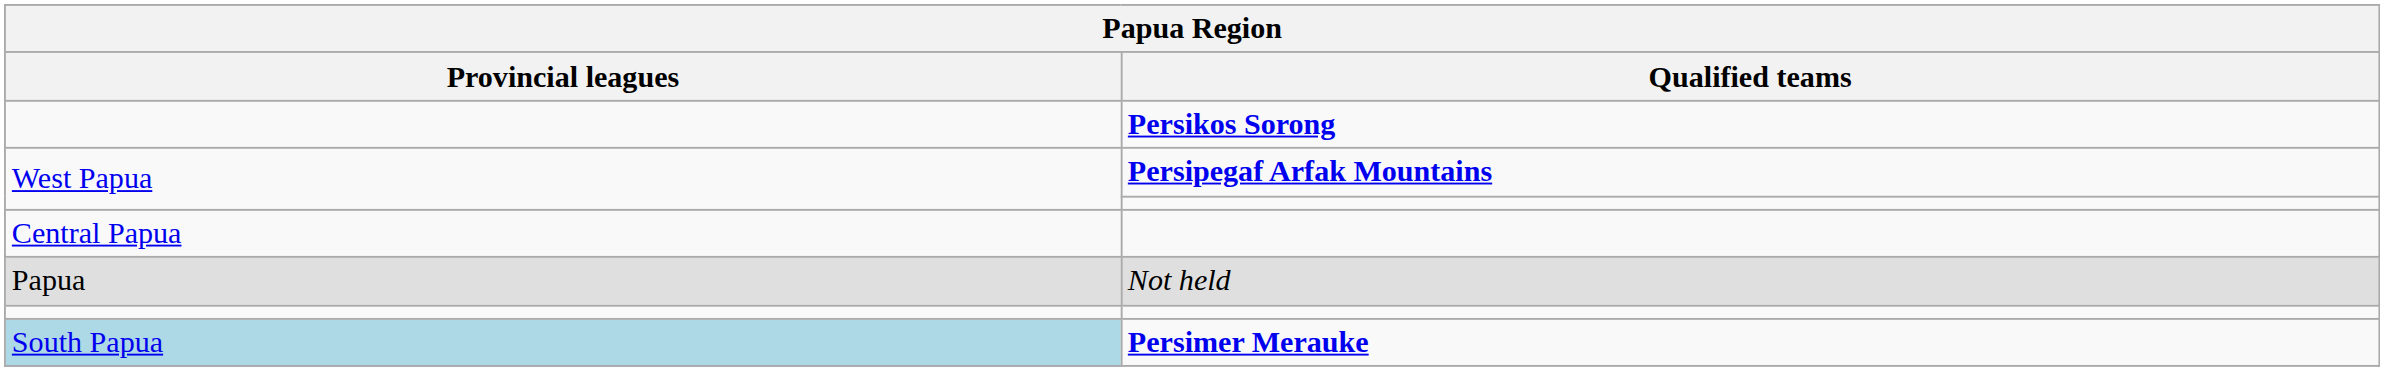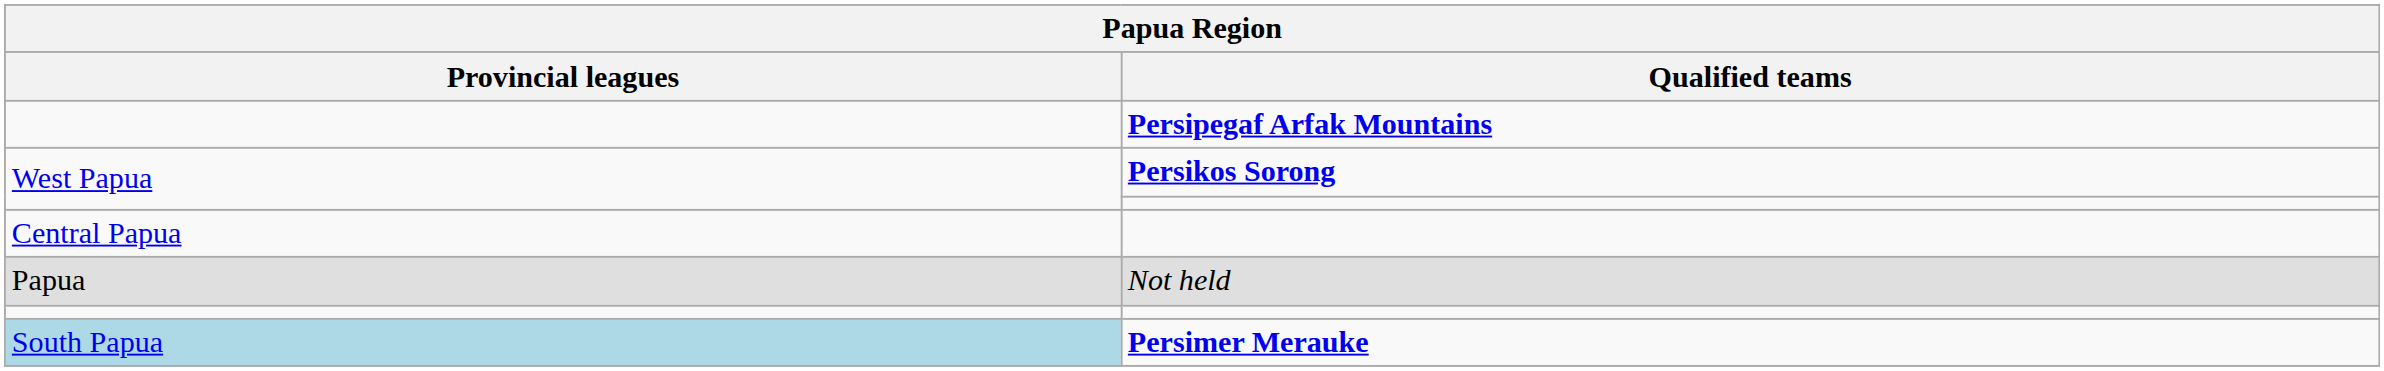 <table class="wikitable sortable" style="width:100%;">
 <tr>
 <th colspan="2"><strong>Papua Region</strong></th>
 </tr>
 <tr>
 <th style="width:47%;">Provincial leagues</th>
 <th style="width:53%;">Qualified teams</th>
 </tr>
 <tr>
 <td></td>
-<td><strong><a href='#'>Persikos Sorong</a></strong></td>
+<td><strong><a href='#'>Persipegaf Arfak Mountains</a></strong></td>
 </tr>
 <tr>
 <td rowspan="2"> <a href='#'>West Papua</a></td>
-<td><strong><a href='#'>Persipegaf Arfak Mountains</a></strong></td>
+<td><strong><a href='#'>Persikos Sorong</a></strong></td>
 </tr>
 <tr>
 <td></td>
 </tr>
 <tr>
 <td> <a href='#'>Central Papua</a></td>
 <td></td>
 </tr>
 <tr bgcolor="#DFDFDF">
 <td> Papua</td>
 <td><em>Not held</em></td>
 </tr>
 <tr>
 <td></td>
 <td></td>
 </tr>
 <tr>
 <td style="background: lightblue;"> <a href='#'>South Papua</a></td>
 <td><strong><a href='#'>Persimer Merauke</a></strong></td>
 </tr>
 </table>
